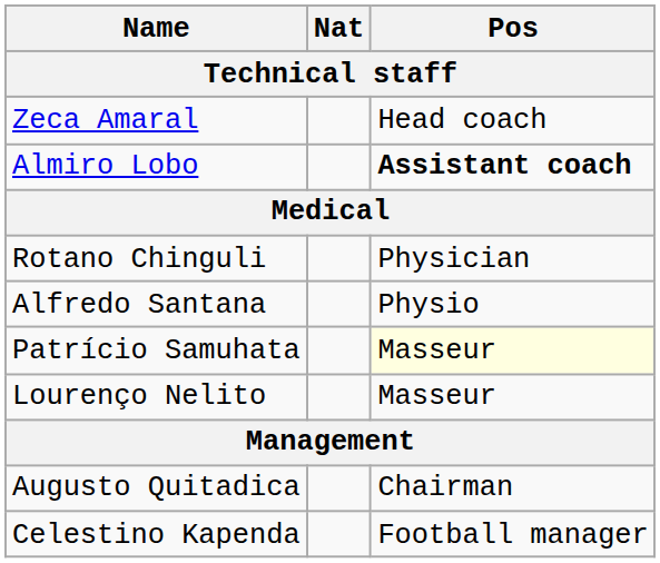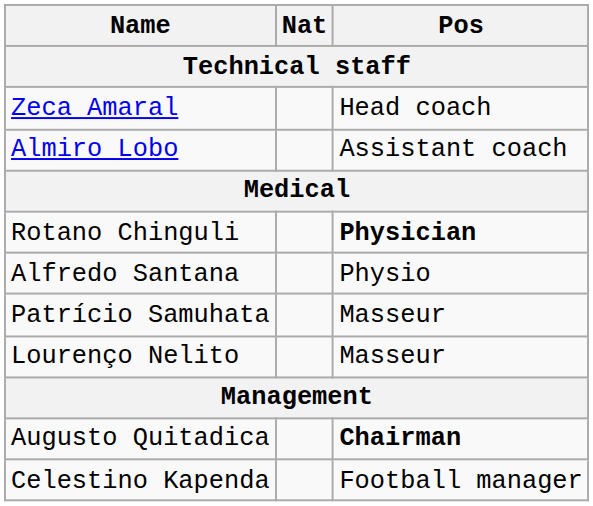 <table class="wikitable ve-ce-branchNode ve-ce-tableNode">
 <tr>
 <th>Name</th>
 <th>Nat</th>
 <th>Pos</th>
 </tr>
 <tr>
 <th colspan="4">Technical staff</th>
 </tr>
 <tr>
 <td><a href='#'>Zeca Amaral</a></td>
 <td></td>
 <td>Head coach</td>
 </tr>
 <tr>
 <td><a href='#'>Almiro Lobo</a></td>
 <td></td>
-<td><strong>Assistant coach</strong></td>
+<td>Assistant coach</td>
 </tr>
 <tr>
 <th colspan="4">Medical</th>
 </tr>
 <tr>
 <td>Rotano Chinguli</td>
 <td></td>
-<td>Physician</td>
+<td><strong>Physician</strong></td>
 </tr>
 <tr>
 <td>Alfredo Santana</td>
 <td></td>
 <td>Physio</td>
 </tr>
 <tr>
 <td>Patrício Samuhata</td>
 <td></td>
-<td style="background: lightyellow;">Masseur</td>
+<td>Masseur</td>
 </tr>
 <tr>
 <td>Lourenço Nelito</td>
 <td></td>
 <td>Masseur</td>
 </tr>
 <tr>
 <th colspan="4">Management</th>
 </tr>
 <tr>
 <td>Augusto Quitadica</td>
 <td></td>
-<td>Chairman</td>
+<td><strong>Chairman</strong></td>
 </tr>
 <tr>
 <td>Celestino Kapenda</td>
 <td></td>
 <td>Football manager</td>
 </tr>
 </table>
